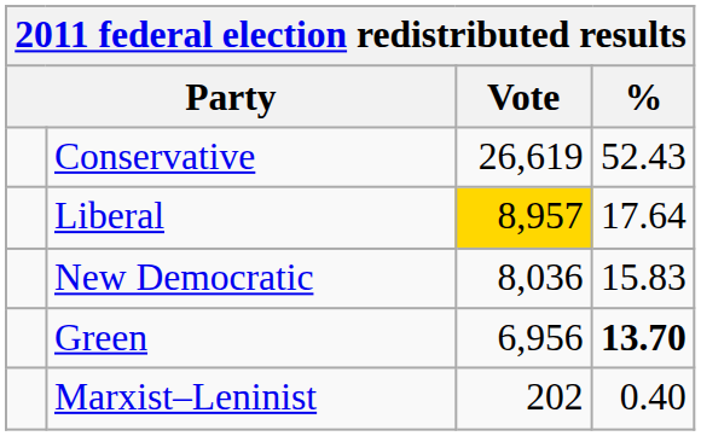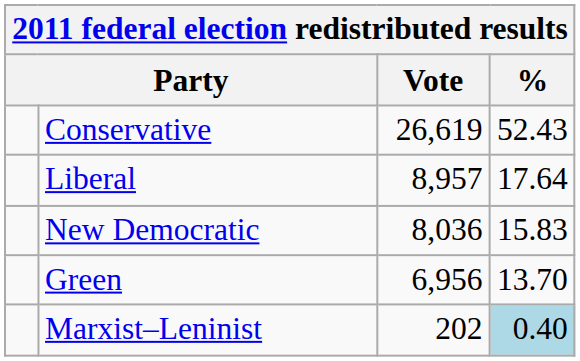 <table class="wikitable">
 <tr>
 <th colspan="4"><a href='#'>2011 federal election</a> redistributed results</th>
 </tr>
 <tr>
 <th bgcolor="#DDDDFF" width="130px" colspan="2">Party</th>
 <th bgcolor="#DDDDFF" width="50px">Vote</th>
 <th bgcolor="#DDDDFF" width="30px">%</th>
 </tr>
 <tr>
 <td> </td>
 <td><a href='#'>Conservative</a></td>
 <td align=right>26,619</td>
 <td align=right>52.43</td>
 </tr>
 <tr>
 <td> </td>
 <td><a href='#'>Liberal</a></td>
-<td align=right style="background: gold;">8,957</td>
+<td align=right>8,957</td>
 <td align=right>17.64</td>
 </tr>
 <tr>
 <td> </td>
 <td><a href='#'>New Democratic</a></td>
 <td align=right>8,036</td>
 <td align=right>15.83</td>
 </tr>
 <tr>
 <td> </td>
 <td><a href='#'>Green</a></td>
 <td align=right>6,956</td>
-<td align=right><strong>13.70</strong></td>
+<td align=right>13.70</td>
 </tr>
 <tr>
 <td> </td>
 <td><a href='#'>Marxist–Leninist</a></td>
 <td align=right>202</td>
-<td align=right>0.40</td>
+<td align=right style="background: lightblue;">0.40</td>
 </tr>
 </table>
